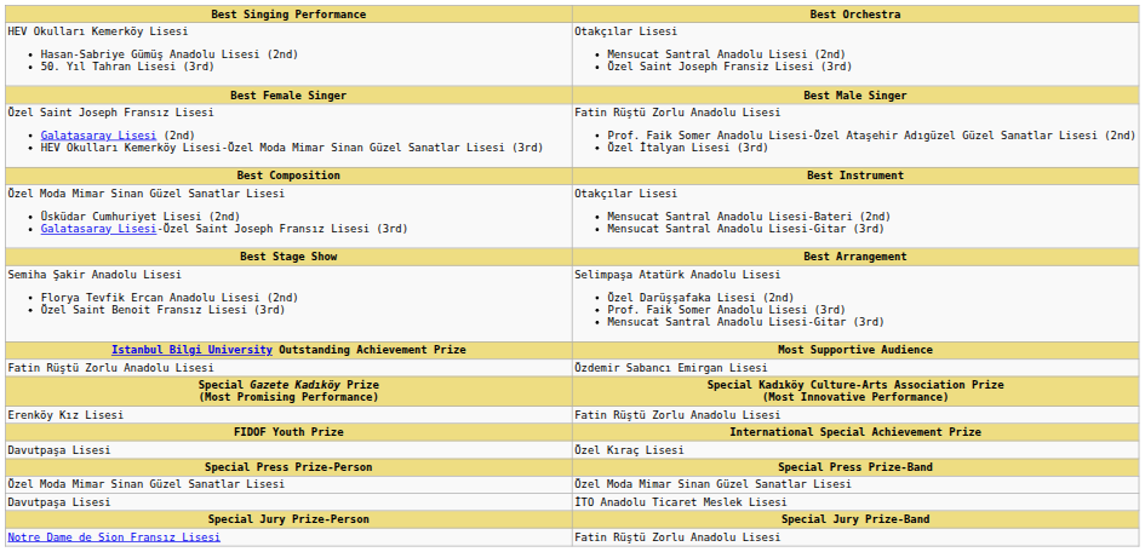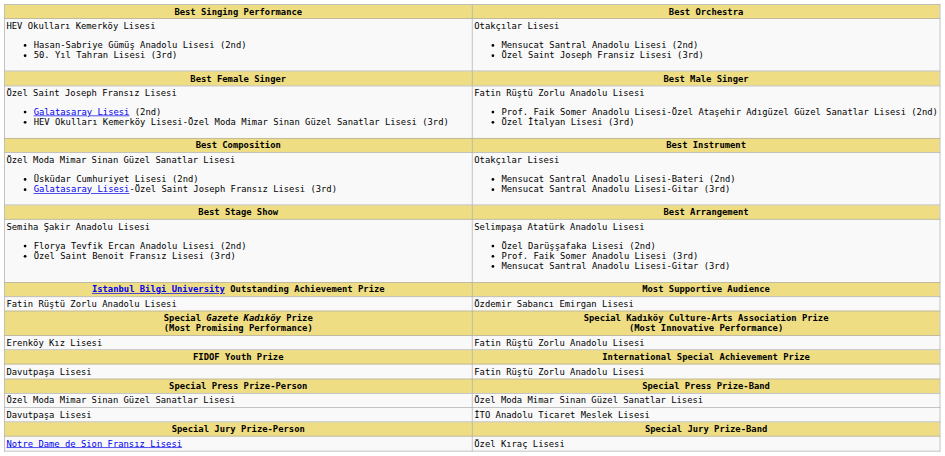 <table class=wikitable>
 <tr>
 <th style="background:#EEDD82; width:50%">Best Singing Performance</th>
 <th style="background:#EEDD82; width:50%">Best Orchestra</th>
 </tr>
 <tr>
 <td valign="top">HEV Okulları Kemerköy Lisesi<br><ul><li>Hasan-Sabriye Gümüş Anadolu Lisesi (2nd)</li><li>50. Yıl Tahran Lisesi (3rd)</li></ul></td>
 <td valign="top">Otakçılar Lisesi<br><ul><li>Mensucat Santral Anadolu Lisesi (2nd)</li><li>Özel Saint Joseph Fransiz Lisesi (3rd)</li></ul></td>
 </tr>
 <tr>
 <th style="background:#EEDD82; width:50%">Best Female Singer</th>
 <th style="background:#EEDD82; width:50%">Best Male Singer</th>
 </tr>
 <tr>
 <td valign="top">Özel Saint Joseph Fransız Lisesi<br><ul><li><a href='#'>Galatasaray Lisesi</a> (2nd)</li><li>HEV Okulları Kemerköy Lisesi-Özel Moda Mimar Sinan Güzel Sanatlar Lisesi (3rd)</li></ul></td>
 <td valign="top">Fatin Rüştü Zorlu Anadolu Lisesi<br><ul><li>Prof. Faik Somer Anadolu Lisesi-Özel Ataşehir Adıgüzel Güzel Sanatlar Lisesi (2nd)</li><li>Özel İtalyan Lisesi (3rd)</li></ul></td>
 </tr>
 <tr>
 <th style="background:#EEDD82; width:50%">Best Composition</th>
 <th style="background:#EEDD82; width:50%">Best Instrument</th>
 </tr>
 <tr>
 <td valign="top">Özel Moda Mimar Sinan Güzel Sanatlar Lisesi<br><ul><li>Üsküdar Cumhuriyet Lisesi (2nd)</li><li><a href='#'>Galatasaray Lisesi</a>-Özel Saint Joseph Fransız Lisesi (3rd)</li></ul></td>
 <td valign="top">Otakçılar Lisesi<br><ul><li>Mensucat Santral Anadolu Lisesi-Bateri (2nd)</li><li>Mensucat Santral Anadolu Lisesi-Gitar (3rd)</li></ul></td>
 </tr>
 <tr>
 <th style="background:#EEDD82; width:50%">Best Stage Show</th>
 <th style="background:#EEDD82; width:50%">Best Arrangement</th>
 </tr>
 <tr>
 <td valign="top">Semiha Şakir Anadolu Lisesi<br><ul><li>Florya Tevfik Ercan Anadolu Lisesi (2nd)</li><li>Özel Saint Benoit Fransız Lisesi (3rd)</li></ul></td>
 <td valign="top">Selimpaşa Atatürk Anadolu Lisesi<br><ul><li>Özel Darüşşafaka Lisesi (2nd)</li><li>Prof. Faik Somer Anadolu Lisesi (3rd)</li><li>Mensucat Santral Anadolu Lisesi-Gitar (3rd)</li></ul></td>
 </tr>
 <tr>
 <th style="background:#EEDD82; width:50%"><a href='#'>Istanbul Bilgi University</a> Outstanding Achievement Prize</th>
 <th style="background:#EEDD82; width:50%">Most Supportive Audience</th>
 </tr>
 <tr>
 <td valign="top">Fatin Rüştü Zorlu Anadolu Lisesi</td>
 <td valign="top">Özdemir Sabancı Emirgan Lisesi</td>
 </tr>
 <tr>
 <th style="background:#EEDD82; width:50%">Special <em>Gazete Kadıköy</em> Prize<br>(Most Promising Performance)</th>
 <th style="background:#EEDD82; width:50%">Special Kadıköy Culture-Arts Association Prize<br>(Most Innovative Performance)</th>
 </tr>
 <tr>
 <td valign="top">Erenköy Kız Lisesi</td>
 <td valign="top">Fatin Rüştü Zorlu Anadolu Lisesi</td>
 </tr>
 <tr>
 <th style="background:#EEDD82; width:50%">FIDOF Youth Prize</th>
 <th style="background:#EEDD82; width:50%">International Special Achievement Prize</th>
 </tr>
 <tr>
 <td valign="top">Davutpaşa Lisesi</td>
-<td valign="top">Özel Kıraç Lisesi</td>
+<td valign="top">Fatin Rüştü Zorlu Anadolu Lisesi</td>
 </tr>
 <tr>
 <th style="background:#EEDD82; width:50%">Special Press Prize-Person</th>
 <th style="background:#EEDD82; width:50%">Special Press Prize-Band</th>
 </tr>
 <tr>
 <td valign="top">Özel Moda Mimar Sinan Güzel Sanatlar Lisesi</td>
 <td valign="top">Özel Moda Mimar Sinan Güzel Sanatlar Lisesi</td>
 </tr>
 <tr>
 <td valign="top">Davutpaşa Lisesi</td>
 <td valign="top">İTO Anadolu Ticaret Meslek Lisesi</td>
 </tr>
 <tr>
 <th style="background:#EEDD82; width:50%">Special Jury Prize-Person</th>
 <th style="background:#EEDD82; width:50%">Special Jury Prize-Band</th>
 </tr>
 <tr>
 <td valign="top"><a href='#'>Notre Dame de Sion Fransız Lisesi</a></td>
-<td valign="top">Fatin Rüştü Zorlu Anadolu Lisesi</td>
+<td valign="top">Özel Kıraç Lisesi</td>
 </tr>
 </table>
